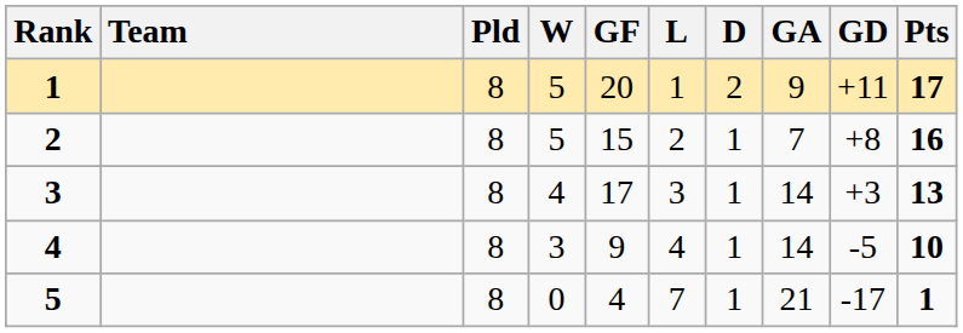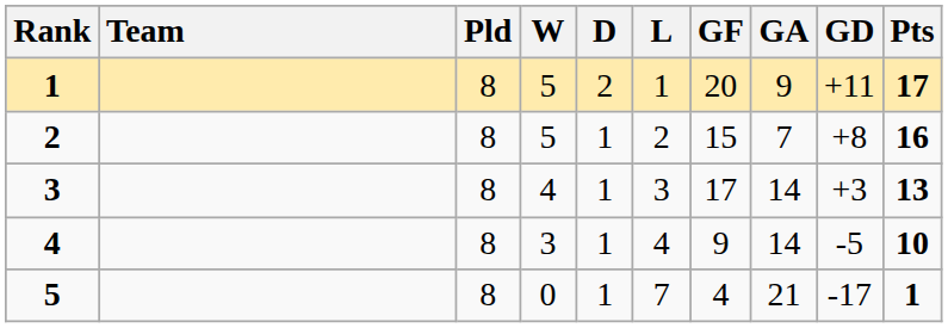 <table class="wikitable" style="text-align: center;">
 <tr>
 <th width=30>Rank</th>
 <th width=165 style="text-align:left;">Team</th>
 <th width=20>Pld</th>
 <th width=20>W</th>
+<th width=20>D</th>
+<th width=20>L</th>
 <th width=20>GF</th>
-<th width=20>L</th>
-<th width=20>D</th>
 <th width=20>GA</th>
 <th width=20>GD</th>
 <th width=20>Pts</th>
 </tr>
 <tr style="background:#ffebad;">
 <td><strong>1</strong></td>
 <td style="text-align:left;"></td>
 <td>8</td>
 <td>5</td>
+<td>2</td>
+<td>1</td>
 <td>20</td>
-<td>1</td>
-<td>2</td>
 <td>9</td>
 <td>+11</td>
 <td><strong>17</strong></td>
 </tr>
 <tr>
 <td><strong>2</strong></td>
 <td style="text-align:left;"></td>
 <td>8</td>
 <td>5</td>
+<td>1</td>
+<td>2</td>
 <td>15</td>
-<td>2</td>
-<td>1</td>
 <td>7</td>
 <td>+8</td>
 <td><strong>16</strong></td>
 </tr>
 <tr>
 <td><strong>3</strong></td>
 <td style="text-align:left;"></td>
 <td>8</td>
 <td>4</td>
+<td>1</td>
+<td>3</td>
 <td>17</td>
-<td>3</td>
-<td>1</td>
 <td>14</td>
 <td>+3</td>
 <td><strong>13</strong></td>
 </tr>
 <tr>
 <td><strong>4</strong></td>
 <td style="text-align:left;"></td>
 <td>8</td>
 <td>3</td>
+<td>1</td>
+<td>4</td>
 <td>9</td>
-<td>4</td>
-<td>1</td>
 <td>14</td>
 <td>-5</td>
 <td><strong>10</strong></td>
 </tr>
 <tr>
 <td><strong>5</strong></td>
 <td style="text-align:left;"></td>
 <td>8</td>
 <td>0</td>
+<td>1</td>
+<td>7</td>
 <td>4</td>
-<td>7</td>
-<td>1</td>
 <td>21</td>
 <td>-17</td>
 <td><strong>1</strong></td>
 </tr>
 </table>
